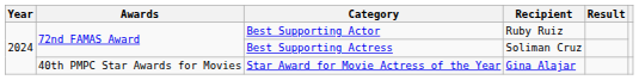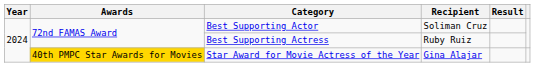 <table class="wikitable sortable plainrowheaders">
 <tr>
 <th>Year</th>
 <th>Awards</th>
 <th>Category</th>
 <th>Recipient</th>
 <th>Result</th>
 <th scope="col" class="unsortable"></th>
 </tr>
 <tr>
 <td rowspan="3">2024</td>
 <td rowspan="2"><a href='#'>72nd FAMAS Award</a></td>
 <td><a href='#'>Best Supporting Actor</a></td>
-<td>Ruby Ruiz</td>
+<td>Soliman Cruz</td>
 <td></td>
 <td rowspan="2"></td>
 </tr>
 <tr>
 <td><a href='#'>Best Supporting Actress</a></td>
-<td>Soliman Cruz</td>
+<td>Ruby Ruiz</td>
 <td></td>
 </tr>
 <tr>
-<td>40th PMPC Star Awards for Movies</td>
+<td style="background: gold;">40th PMPC Star Awards for Movies</td>
 <td><a href='#'>Star Award for Movie Actress of the Year</a></td>
 <td><a href='#'>Gina Alajar</a></td>
 <td></td>
 <td></td>
 </tr>
 </table>
